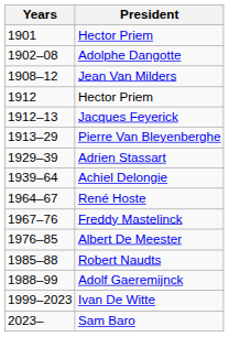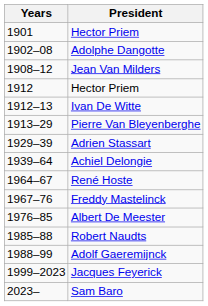 <table class="wikitable">
 <tr>
 <th>Years</th>
 <th>President</th>
 </tr>
 <tr>
 <td>1901</td>
 <td><a href='#'>Hector Priem</a></td>
 </tr>
 <tr>
 <td>1902–08</td>
 <td><a href='#'>Adolphe Dangotte</a></td>
 </tr>
 <tr>
 <td>1908–12</td>
 <td><a href='#'>Jean Van Milders</a></td>
 </tr>
 <tr>
 <td>1912</td>
 <td>Hector Priem</td>
 </tr>
 <tr>
 <td>1912–13</td>
-<td><a href='#'>Jacques Feyerick</a></td>
+<td><a href='#'>Ivan De Witte</a></td>
 </tr>
 <tr>
 <td>1913–29</td>
 <td><a href='#'>Pierre Van Bleyenberghe</a></td>
 </tr>
 <tr>
 <td>1929–39</td>
 <td><a href='#'>Adrien Stassart</a></td>
 </tr>
 <tr>
 <td>1939–64</td>
 <td><a href='#'>Achiel Delongie</a></td>
 </tr>
 <tr>
 <td>1964–67</td>
 <td><a href='#'>René Hoste</a></td>
 </tr>
 <tr>
 <td>1967–76</td>
 <td><a href='#'>Freddy Mastelinck</a></td>
 </tr>
 <tr>
 <td>1976–85</td>
 <td><a href='#'>Albert De Meester</a></td>
 </tr>
 <tr>
 <td>1985–88</td>
 <td><a href='#'>Robert Naudts</a></td>
 </tr>
 <tr>
 <td>1988–99</td>
 <td><a href='#'>Adolf Gaeremijnck</a></td>
 </tr>
 <tr>
 <td>1999–2023</td>
-<td><a href='#'>Ivan De Witte</a></td>
+<td><a href='#'>Jacques Feyerick</a></td>
 </tr>
 <tr>
 <td>2023–</td>
 <td><a href='#'>Sam Baro</a></td>
 </tr>
 </table>
